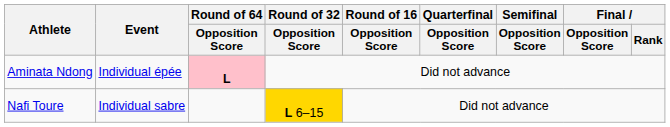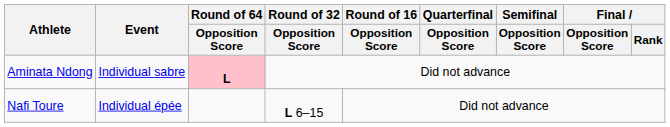 <table class="wikitable" style="font-size:90%">
 <tr>
 <th rowspan="2">Athlete</th>
 <th rowspan="2">Event</th>
 <th>Round of 64</th>
 <th>Round of 32</th>
 <th>Round of 16</th>
 <th>Quarterfinal</th>
 <th>Semifinal</th>
 <th colspan=2>Final / </th>
 </tr>
 <tr style="font-size:95%">
 <th>Opposition <br> Score</th>
 <th>Opposition <br> Score</th>
 <th>Opposition <br> Score</th>
 <th>Opposition <br> Score</th>
 <th>Opposition <br> Score</th>
 <th>Opposition <br> Score</th>
 <th>Rank</th>
 </tr>
 <tr align=center>
 <td align=left><a href='#'>Aminata Ndong</a></td>
-<td align=left><a href='#'>Individual épée</a></td>
+<td align=left><a href='#'>Individual sabre</a></td>
 <td style="background: pink;"><br><strong>L</strong> </td>
 <td colspan=6>Did not advance</td>
 </tr>
 <tr align=center>
 <td align=left><a href='#'>Nafi Toure</a></td>
-<td align=left><a href='#'>Individual sabre</a></td>
+<td align=left><a href='#'>Individual épée</a></td>
 <td></td>
-<td style="background: gold;"><br><strong>L</strong> 6–15</td>
+<td><br><strong>L</strong> 6–15</td>
 <td colspan=5>Did not advance</td>
 </tr>
 </table>
